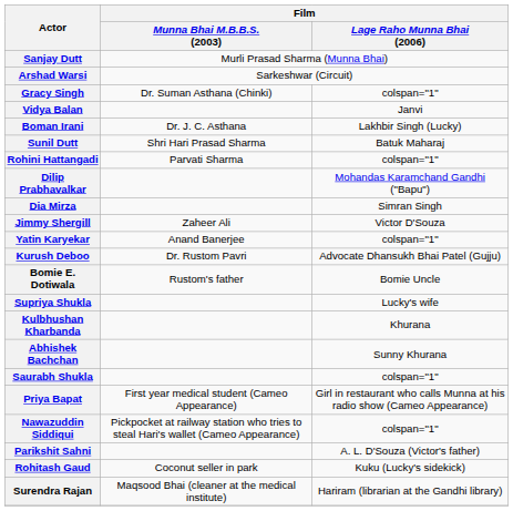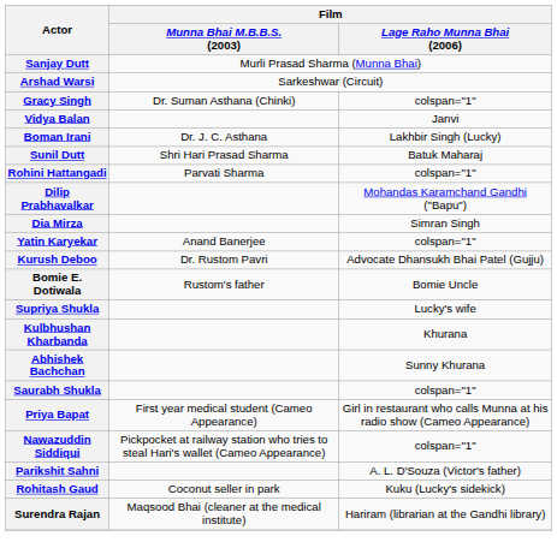 <table class="wikitable" style="text-align:center;" width="60%">
 <tr>
 <th rowspan="2">Actor</th>
 <th colspan="2">Film</th>
 </tr>
 <tr>
 <th "width:10%;"><em><a href='#'>Munna Bhai M.B.B.S.</a></em> <br>(2003)</th>
 <th "width:10%;"><em><a href='#'>Lage Raho Munna Bhai</a></em> <br>(2006)</th>
 </tr>
 <tr>
 <th><a href='#'>Sanjay Dutt</a></th>
 <td colspan="2">Murli Prasad Sharma (<a href='#'>Munna Bhai</a>)</td>
 </tr>
 <tr>
 <th><a href='#'>Arshad Warsi</a></th>
 <td colspan="2">Sarkeshwar (Circuit)</td>
 </tr>
 <tr>
 <th><a href='#'>Gracy Singh</a></th>
 <td>Dr. Suman Asthana (Chinki)</td>
 <td>colspan="1" </td>
 </tr>
 <tr>
 <th><a href='#'>Vidya Balan</a></th>
 <td></td>
 <td>Janvi</td>
 </tr>
 <tr>
 <th><a href='#'>Boman Irani</a></th>
 <td>Dr. J. C. Asthana</td>
 <td>Lakhbir Singh (Lucky)</td>
 </tr>
 <tr>
 <th><a href='#'>Sunil Dutt</a></th>
 <td>Shri Hari Prasad Sharma</td>
 <td>Batuk Maharaj</td>
 </tr>
 <tr>
 <th><a href='#'>Rohini Hattangadi</a></th>
 <td>Parvati Sharma</td>
 <td>colspan="1" </td>
 </tr>
 <tr>
 <th><a href='#'>Dilip Prabhavalkar</a></th>
 <td></td>
 <td><a href='#'>Mohandas Karamchand Gandhi</a> ("Bapu")</td>
 </tr>
 <tr>
 <th><a href='#'>Dia Mirza</a></th>
 <td></td>
 <td>Simran Singh</td>
-</tr>
-<tr>
-<th><a href='#'>Jimmy Shergill</a></th>
-<td>Zaheer Ali</td>
-<td>Victor D'Souza</td>
 </tr>
 <tr>
 <th><a href='#'>Yatin Karyekar</a></th>
 <td>Anand Banerjee</td>
 <td>colspan="1" </td>
 </tr>
 <tr>
 <th><a href='#'>Kurush Deboo</a></th>
 <td>Dr. Rustom Pavri</td>
 <td>Advocate Dhansukh Bhai Patel (Gujju)</td>
 </tr>
 <tr>
 <th>Bomie E. Dotiwala</th>
 <td>Rustom's father</td>
 <td>Bomie Uncle</td>
 </tr>
 <tr>
 <th><a href='#'>Supriya Shukla</a></th>
 <td></td>
 <td>Lucky's wife</td>
 </tr>
 <tr>
 <th><a href='#'>Kulbhushan Kharbanda</a></th>
 <td></td>
 <td>Khurana</td>
 </tr>
 <tr>
 <th><a href='#'>Abhishek Bachchan</a></th>
 <td></td>
 <td>Sunny Khurana</td>
 </tr>
 <tr>
 <th><a href='#'>Saurabh Shukla</a></th>
 <td></td>
 <td>colspan="1" </td>
 </tr>
 <tr>
 <th><a href='#'>Priya Bapat</a></th>
 <td>First year medical student (Cameo Appearance)</td>
 <td>Girl in restaurant who calls Munna at his radio show (Cameo Appearance)</td>
 </tr>
 <tr>
 <th><a href='#'>Nawazuddin Siddiqui</a></th>
 <td>Pickpocket at railway station who tries to steal Hari's wallet (Cameo Appearance)</td>
 <td>colspan="1" </td>
 </tr>
 <tr>
 <th><a href='#'>Parikshit Sahni</a></th>
 <td></td>
 <td>A. L. D'Souza (Victor's father)</td>
 </tr>
 <tr>
 <th><a href='#'>Rohitash Gaud</a></th>
 <td>Coconut seller in park</td>
 <td>Kuku (Lucky's sidekick)</td>
 </tr>
 <tr>
 <th>Surendra Rajan</th>
 <td>Maqsood Bhai (cleaner at the medical institute)</td>
 <td>Hariram (librarian at the Gandhi library)</td>
 </tr>
 <tr>
 </tr>
 </table>
